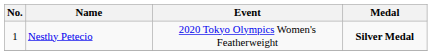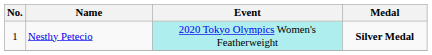 <table class="wikitable" width=50%>
 <tr>
 <th width=05%>No.</th>
 <th width=30%>Name</th>
 <th width=45%>Event</th>
 <th width=20%>Medal</th>
 </tr>
 <tr align=center>
 <td>1</td>
 <td align=left><a href='#'>Nesthy Petecio</a></td>
-<td><a href='#'>2020 Tokyo Olympics</a> Women's Featherweight</td>
+<td style="background: paleturquoise;"><a href='#'>2020 Tokyo Olympics</a> Women's Featherweight</td>
 <td><strong> Silver Medal</strong></td>
 </tr>
 <tr align=center>
 </tr>
 </table>
